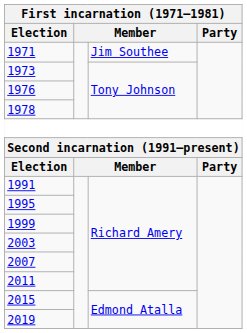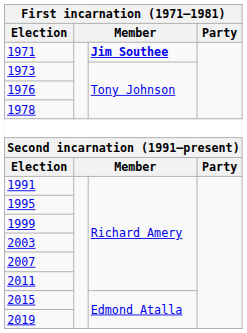 <table class="wikitable" style='border-style: none none none none;'>
 <tr>
 <th colspan="7">First incarnation (1971–1981)</th>
 </tr>
 <tr>
 <th>Election</th>
 <th colspan="2">Member</th>
 <th>Party</th>
 </tr>
 <tr style="background: #f9f9f9">
 <td><a href='#'>1971</a></td>
 <td rowspan="4" > </td>
-<td><a href='#'>Jim Southee</a></td>
+<td><strong><a href='#'>Jim Southee</a></strong></td>
 <td rowspan="4"></td>
 </tr>
 <tr style="background: #f9f9f9">
 <td><a href='#'>1973</a></td>
 <td rowspan="3"><a href='#'>Tony Johnson</a></td>
 </tr>
 <tr style="background: #f9f9f9">
 <td><a href='#'>1976</a></td>
 </tr>
 <tr style="background: #f9f9f9">
 <td><a href='#'>1978</a></td>
 </tr>
 <tr>
 <td colspan="4" style='background: #FFFFFF; border-style: none none none none;'> </td>
 </tr>
 <tr>
 <th colspan="4">Second incarnation (1991–present)</th>
 </tr>
 <tr style="background: #f9f9f9">
 <th>Election</th>
 <th colspan="2">Member</th>
 <th>Party</th>
 </tr>
 <tr style="background: #f9f9f9">
 <td><a href='#'>1991</a></td>
 <td rowspan="8" > </td>
 <td rowspan="6"><a href='#'>Richard Amery</a></td>
 <td rowspan="8"></td>
 </tr>
 <tr style="background: #f9f9f9">
 <td><a href='#'>1995</a></td>
 </tr>
 <tr style="background: #f9f9f9">
 <td><a href='#'>1999</a></td>
 </tr>
 <tr style="background: #f9f9f9">
 <td><a href='#'>2003</a></td>
 </tr>
 <tr style="background: #f9f9f9">
 <td><a href='#'>2007</a></td>
 </tr>
 <tr style="background: #f9f9f9">
 <td><a href='#'>2011</a></td>
 </tr>
 <tr style="background: #f9f9f9">
 <td><a href='#'>2015</a></td>
 <td rowspan="2"><a href='#'>Edmond Atalla</a></td>
 </tr>
 <tr style="background: #f9f9f9">
 <td><a href='#'>2019</a></td>
 </tr>
 </table>
